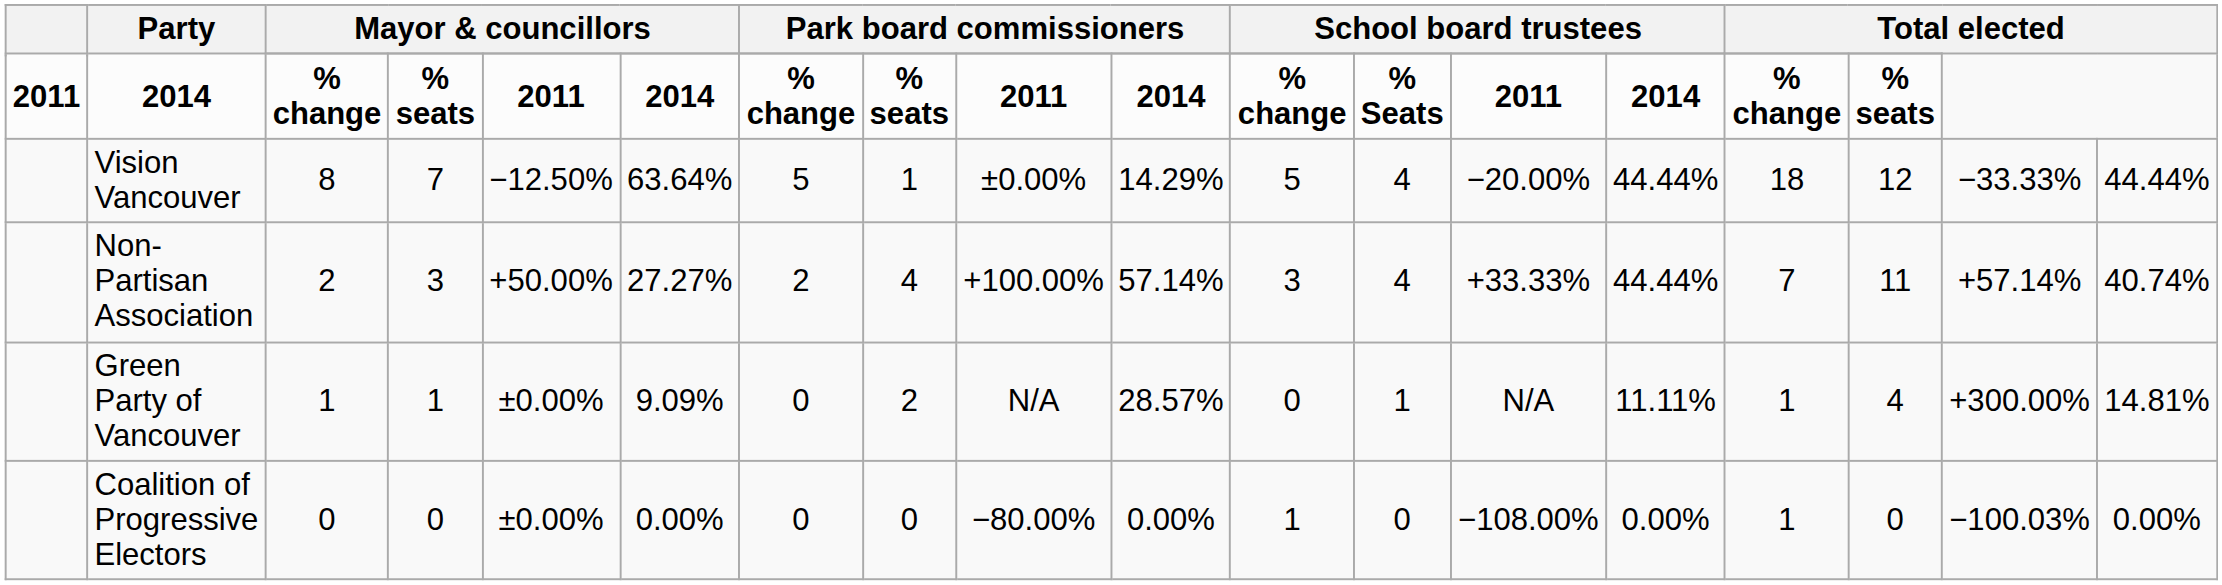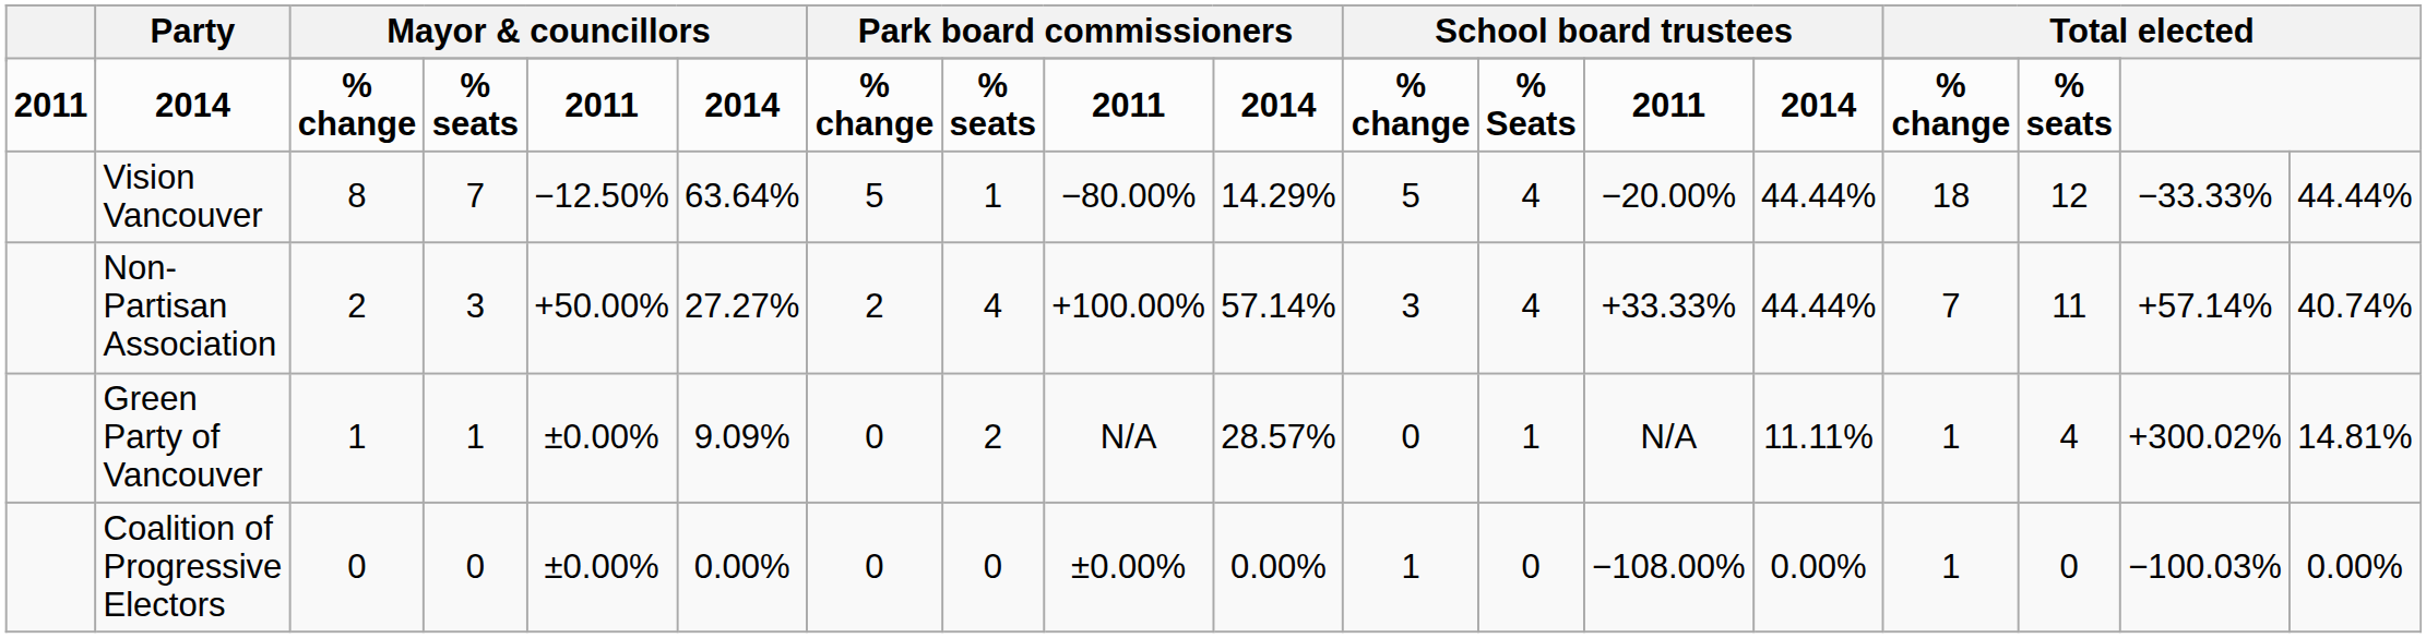 <table class="wikitable" style="text-align:center; margin:5px">
 <tr>
 <th rowspan="2" style="width:0.05%;"></th>
 <th rowspan="2" style="width:30%;">Party</th>
 <th colspan="4" style="width:10%;">Mayor & councillors</th>
 <th colspan="4" style="width:10%;">Park board commissioners</th>
 <th colspan="4" style="width:10%;">School board trustees</th>
 <th colspan="4" style="width:10%;">Total elected</th>
 </tr>
 <tr>
 </tr>
 <tr bgcolor=#fcfcfc>
 <td align="center"><strong>2011</strong></td>
 <td align="center"><strong>2014</strong></td>
 <td align="center"><strong>% change</strong></td>
 <td align="center"><strong>% seats</strong></td>
 <td align="center"><strong>2011</strong></td>
 <td align="center"><strong>2014</strong></td>
 <td align="center"><strong>% change</strong></td>
 <td align="center"><strong>% seats</strong></td>
 <td align="center"><strong>2011</strong></td>
 <td align="center"><strong>2014</strong></td>
 <td align="center"><strong>% change</strong></td>
 <td align="center"><strong>% Seats</strong></td>
 <td align="center"><strong>2011</strong></td>
 <td align="center"><strong>2014</strong></td>
 <td align="center"><strong>% change</strong></td>
 <td align="center"><strong>% seats</strong></td>
 </tr>
 <tr>
 <td style="background:"></td>
 <td align="left">Vision Vancouver</td>
 <td>8</td>
 <td>7</td>
 <td>−12.50%</td>
 <td>63.64%</td>
 <td>5</td>
 <td>1</td>
-<td>±0.00%</td>
+<td>−80.00%</td>
 <td>14.29%</td>
 <td>5</td>
 <td>4</td>
 <td>−20.00%</td>
 <td>44.44%</td>
 <td>18</td>
 <td>12</td>
 <td>−33.33%</td>
 <td>44.44%</td>
 </tr>
 <tr>
 <td style="background:"></td>
 <td align="left">Non-Partisan Association</td>
 <td>2</td>
 <td>3</td>
 <td>+50.00%</td>
 <td>27.27%</td>
 <td>2</td>
 <td>4</td>
 <td>+100.00%</td>
 <td>57.14%</td>
 <td>3</td>
 <td>4</td>
 <td>+33.33%</td>
 <td>44.44%</td>
 <td>7</td>
 <td>11</td>
 <td>+57.14%</td>
 <td>40.74%</td>
 </tr>
 <tr>
 <td style="background:"></td>
 <td align="left">Green Party of Vancouver</td>
 <td>1</td>
 <td>1</td>
 <td>±0.00%</td>
 <td>9.09%</td>
 <td>0</td>
 <td>2</td>
 <td>N/A</td>
 <td>28.57%</td>
 <td>0</td>
 <td>1</td>
 <td>N/A</td>
 <td>11.11%</td>
 <td>1</td>
 <td>4</td>
-<td>+300.00%</td>
+<td>+300.02%</td>
 <td>14.81%</td>
 </tr>
 <tr>
 <td style="background:"></td>
 <td align="left">Coalition of Progressive Electors</td>
 <td>0</td>
 <td>0</td>
 <td>±0.00%</td>
 <td>0.00%</td>
 <td>0</td>
 <td>0</td>
-<td>−80.00%</td>
+<td>±0.00%</td>
 <td>0.00%</td>
 <td>1</td>
 <td>0</td>
 <td>−108.00%</td>
 <td>0.00%</td>
 <td>1</td>
 <td>0</td>
 <td>−100.03%</td>
 <td>0.00%</td>
 </tr>
 </table>
